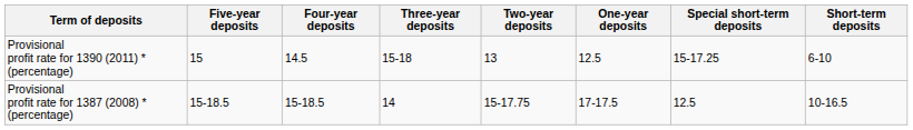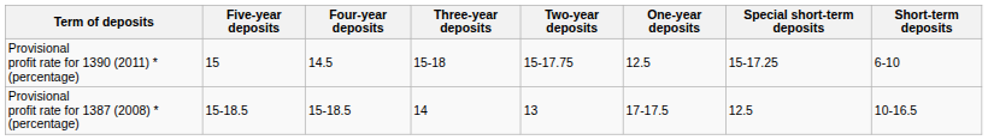 <table class="wikitable">
 <tr>
 <th>Term of deposits</th>
 <th>Five-year deposits</th>
 <th>Four-year deposits</th>
 <th>Three-year deposits</th>
 <th>Two-year deposits</th>
 <th>One-year deposits</th>
 <th>Special short-term deposits</th>
 <th>Short-term deposits</th>
 </tr>
 <tr>
 <td>Provisional<br>profit rate for 1390 (2011) * (percentage)</td>
 <td>15</td>
 <td>14.5</td>
 <td>15-18</td>
-<td>13</td>
+<td>15-17.75</td>
 <td>12.5</td>
 <td>15-17.25</td>
 <td>6-10</td>
 </tr>
 <tr>
 <td>Provisional<br>profit rate for 1387 (2008) * (percentage)</td>
 <td>15-18.5</td>
 <td>15-18.5</td>
 <td>14</td>
-<td>15-17.75</td>
+<td>13</td>
 <td>17-17.5</td>
 <td>12.5</td>
 <td>10-16.5</td>
 </tr>
 </table>
